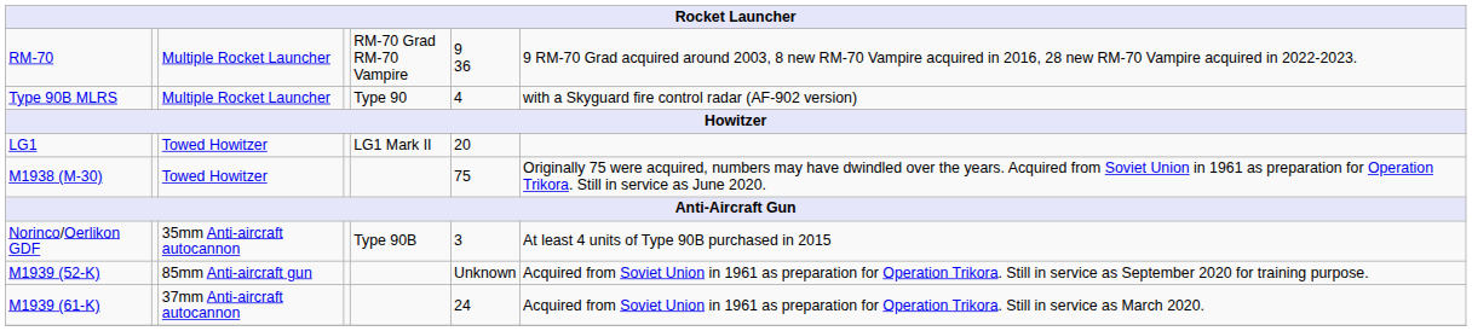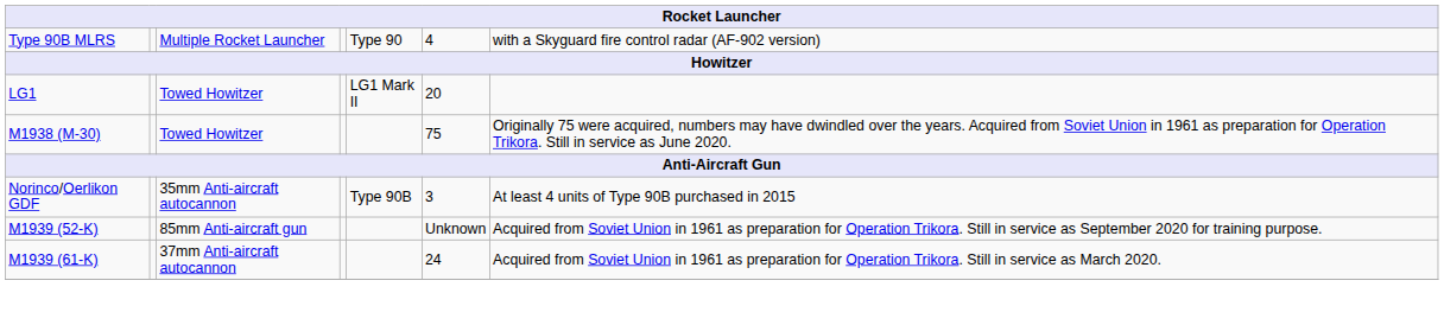 <table class="wikitable">
 <tr>
 <th style="align: centre; background: lavender;" colspan="7">Rocket Launcher</th>
-</tr>
-<tr --->
-<td><a href='#'>RM-70</a></td>
-<td></td>
-<td><a href='#'>Multiple Rocket Launcher</a></td>
-<td><br></td>
-<td>RM-70 Grad<br>RM-70 Vampire</td>
-<td>9<br>36</td>
-<td>9 RM-70 Grad acquired around 2003, 8 new RM-70 Vampire acquired in 2016, 28 new RM-70 Vampire acquired in 2022-2023.</td>
 </tr>
 <tr>
 <td><a href='#'>Type 90B MLRS</a></td>
 <td></td>
 <td><a href='#'>Multiple Rocket Launcher</a></td>
 <td></td>
 <td>Type 90</td>
 <td>4</td>
 <td>with a Skyguard fire control radar (AF-902 version)</td>
 </tr>
 <tr>
 <th style="align: centre; background: lavender;" colspan="7">Howitzer</th>
 </tr>
 <tr>
 <td><a href='#'>LG1</a></td>
 <td></td>
 <td><a href='#'>Towed Howitzer</a></td>
 <td></td>
 <td>LG1 Mark II</td>
 <td>20</td>
 <td></td>
 </tr>
 <tr>
 <td><a href='#'>M1938 (M-30)</a></td>
 <td></td>
 <td><a href='#'>Towed Howitzer</a></td>
 <td></td>
 <td></td>
 <td>75</td>
 <td>Originally 75 were acquired, numbers may have dwindled over the years. Acquired from <a href='#'>Soviet Union</a> in 1961 as preparation for <a href='#'>Operation Trikora</a>. Still in service as June 2020.</td>
 </tr>
 <tr>
 <th style="align: centre; background: lavender;" colspan="7">Anti-Aircraft Gun</th>
 </tr>
 <tr>
 <td><a href='#'>Norinco</a>/<a href='#'>Oerlikon GDF</a></td>
 <td></td>
 <td>35mm <a href='#'>Anti-aircraft</a> <a href='#'>autocannon</a></td>
 <td><br></td>
 <td>Type 90B</td>
 <td>3</td>
 <td>At least 4 units of Type 90B purchased in 2015</td>
 </tr>
 <tr>
 <td><a href='#'>M1939 (52-K)</a></td>
 <td></td>
 <td>85mm <a href='#'>Anti-aircraft gun</a></td>
 <td></td>
 <td></td>
 <td>Unknown</td>
 <td>Acquired from <a href='#'>Soviet Union</a> in 1961 as preparation for <a href='#'>Operation Trikora</a>. Still in service as September 2020 for training purpose.</td>
 </tr>
 <tr>
 <td><a href='#'>M1939 (61-K)</a></td>
 <td></td>
 <td>37mm <a href='#'>Anti-aircraft</a> <a href='#'>autocannon</a></td>
 <td></td>
 <td></td>
 <td>24</td>
 <td>Acquired from <a href='#'>Soviet Union</a> in 1961 as preparation for <a href='#'>Operation Trikora</a>. Still in service as March 2020.</td>
 </tr>
 <tr>
 </tr>
 </table>
